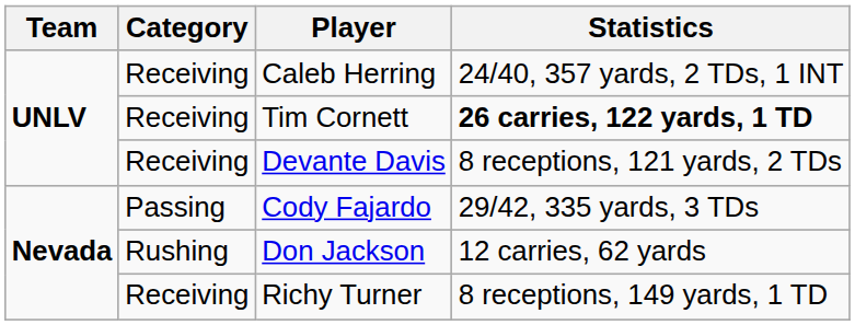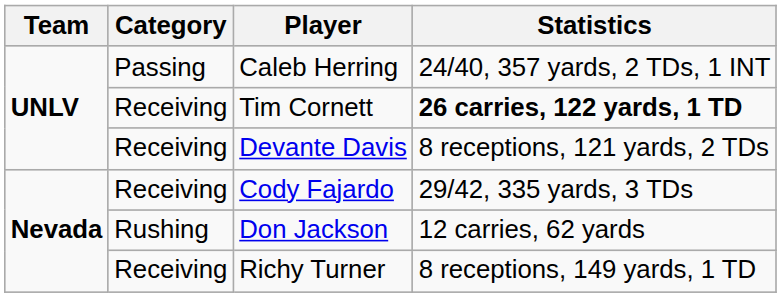 <table class="wikitable" style="float: left;">
 <tr>
 <th>Team</th>
 <th>Category</th>
 <th>Player</th>
 <th>Statistics</th>
 </tr>
 <tr>
 <td rowspan=3><strong>UNLV</strong></td>
-<td>Receiving</td>
+<td>Passing</td>
 <td>Caleb Herring</td>
 <td>24/40, 357 yards, 2 TDs, 1 INT</td>
 </tr>
 <tr>
 <td>Receiving</td>
 <td>Tim Cornett</td>
 <td><strong>26 carries, 122 yards, 1 TD</strong></td>
 </tr>
 <tr>
 <td>Receiving</td>
 <td><a href='#'>Devante Davis</a></td>
 <td>8 receptions, 121 yards, 2 TDs</td>
 </tr>
 <tr>
 <td rowspan=3><strong>Nevada</strong></td>
-<td>Passing</td>
+<td>Receiving</td>
 <td><a href='#'>Cody Fajardo</a></td>
 <td>29/42, 335 yards, 3 TDs</td>
 </tr>
 <tr>
 <td>Rushing</td>
 <td><a href='#'>Don Jackson</a></td>
 <td>12 carries, 62 yards</td>
 </tr>
 <tr>
 <td>Receiving</td>
 <td>Richy Turner</td>
 <td>8 receptions, 149 yards, 1 TD</td>
 </tr>
 </table>
